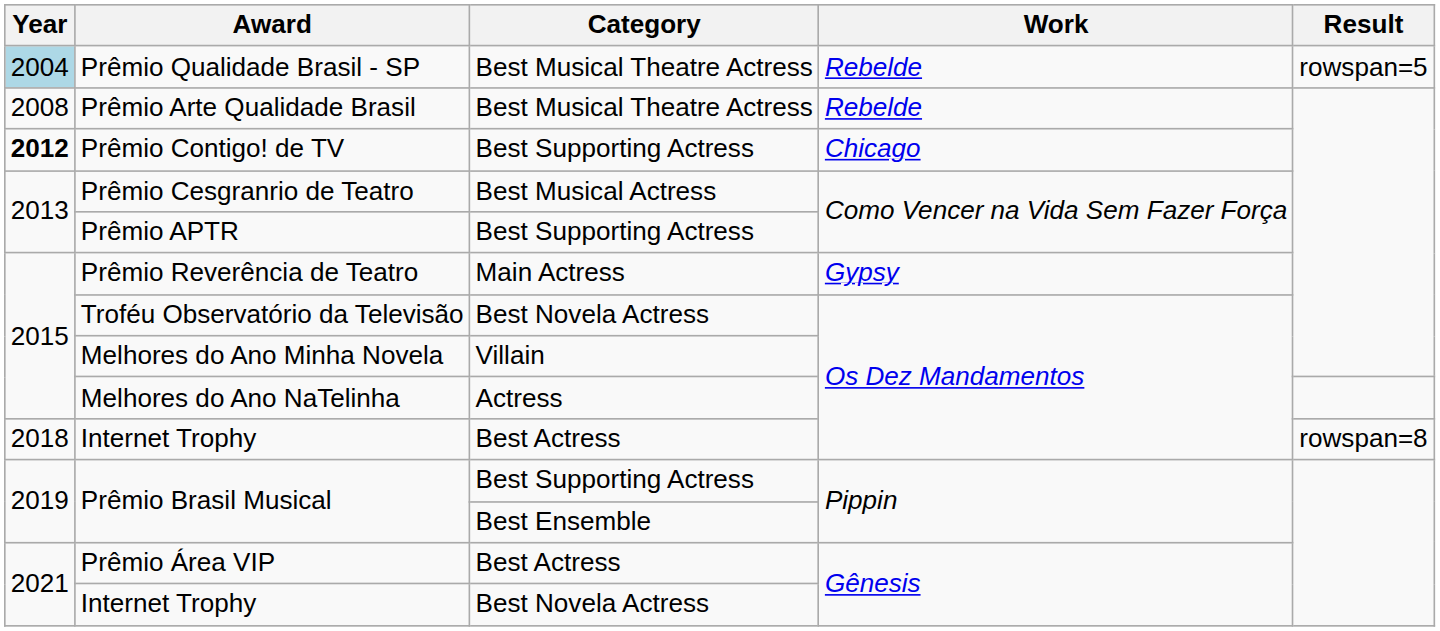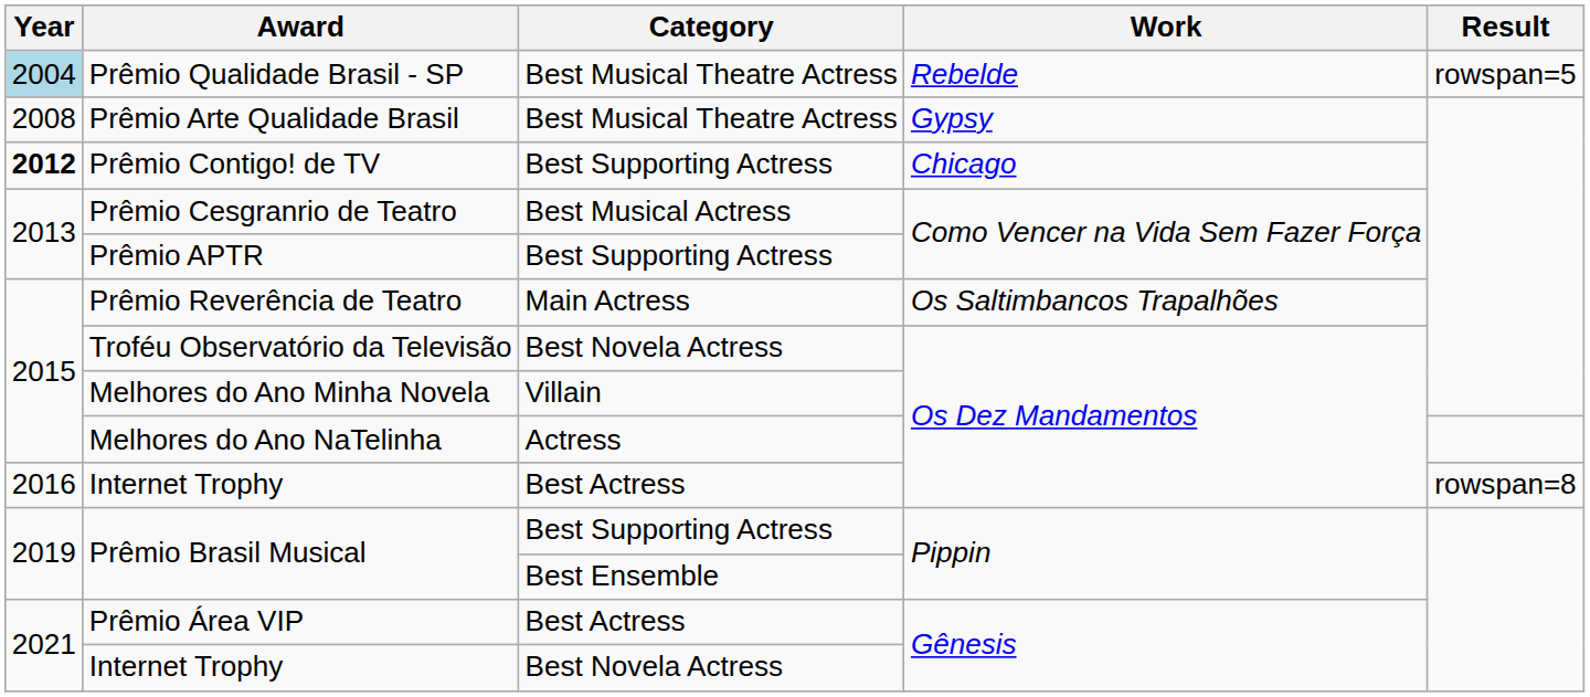 <table class="wikitable">
 <tr>
 <th>Year</th>
 <th>Award</th>
 <th>Category</th>
 <th>Work</th>
 <th>Result</th>
 </tr>
 <tr>
 <td style="background: lightblue;">2004</td>
 <td>Prêmio Qualidade Brasil - SP</td>
 <td>Best Musical Theatre Actress</td>
 <td><em><a href='#'>Rebelde</a></em></td>
 <td>rowspan=5 </td>
 </tr>
 <tr>
 <td>2008</td>
 <td>Prêmio Arte Qualidade Brasil</td>
 <td>Best Musical Theatre Actress</td>
-<td><em><a href='#'>Rebelde</a></em></td>
+<td><em><a href='#'>Gypsy</a></em></td>
 </tr>
 <tr>
 <td><strong>2012</strong></td>
 <td>Prêmio Contigo! de TV</td>
 <td>Best Supporting Actress</td>
 <td><em><a href='#'>Chicago</a></em></td>
 </tr>
 <tr>
 <td rowspan="2">2013</td>
 <td>Prêmio Cesgranrio de Teatro</td>
 <td>Best Musical Actress</td>
 <td rowspan="2"><em>Como Vencer na Vida Sem Fazer Força</em></td>
 </tr>
 <tr>
 <td>Prêmio APTR</td>
 <td>Best Supporting Actress</td>
 </tr>
 <tr>
 <td rowspan="4">2015</td>
 <td>Prêmio Reverência de Teatro</td>
 <td>Main Actress</td>
-<td><em><a href='#'>Gypsy</a></em></td>
+<td><em>Os Saltimbancos Trapalhões</em></td>
 </tr>
 <tr>
 <td>Troféu Observatório da Televisão</td>
 <td>Best Novela Actress</td>
 <td rowspan="4"><em><a href='#'>Os Dez Mandamentos</a></em></td>
 </tr>
 <tr>
 <td>Melhores do Ano Minha Novela</td>
 <td>Villain</td>
 </tr>
 <tr>
 <td>Melhores do Ano NaTelinha</td>
 <td>Actress</td>
 <td></td>
 </tr>
 <tr>
-<td>2018</td>
+<td>2016</td>
 <td>Internet Trophy</td>
 <td>Best Actress</td>
 <td>rowspan=8 </td>
 </tr>
 <tr>
 <td rowspan="2">2019</td>
 <td rowspan="2">Prêmio Brasil Musical</td>
 <td>Best Supporting Actress</td>
 <td rowspan="2"><em>Pippin</em></td>
 </tr>
 <tr>
 <td>Best Ensemble</td>
 </tr>
 <tr>
 <td rowspan="2">2021</td>
 <td>Prêmio Área VIP</td>
 <td>Best Actress </td>
 <td rowspan="2"><em><a href='#'>Gênesis</a></em></td>
 </tr>
 <tr>
 <td>Internet Trophy</td>
 <td>Best Novela Actress </td>
 </tr>
 </table>
